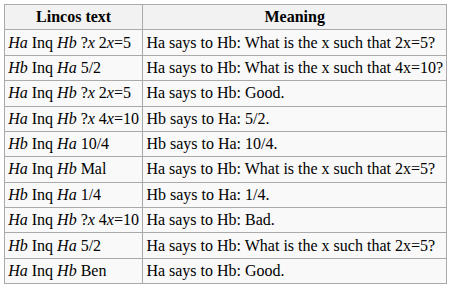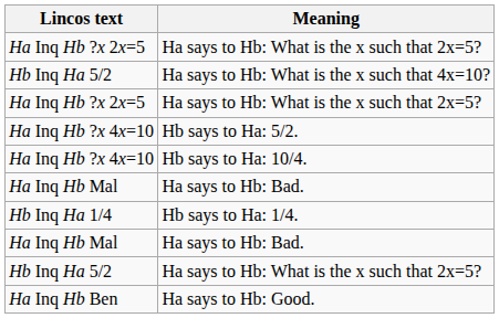 <table class="wikitable">
 <tr>
 <th>Lincos text</th>
 <th>Meaning</th>
 </tr>
 <tr>
 <td><em>Ha</em> Inq <em>Hb</em> ?<em>x</em> 2<em>x</em>=5</td>
 <td>Ha says to Hb: What is the x such that 2x=5?</td>
 </tr>
 <tr>
 <td><em>Hb</em> Inq <em>Ha</em> 5/2</td>
 <td>Ha says to Hb: What is the x such that 4x=10?</td>
 </tr>
 <tr>
 <td><em>Ha</em> Inq <em>Hb</em> ?<em>x</em> 2<em>x</em>=5</td>
-<td>Ha says to Hb: Good.</td>
+<td>Ha says to Hb: What is the x such that 2x=5?</td>
 </tr>
 <tr>
 <td><em>Ha</em> Inq <em>Hb</em> ?<em>x</em> 4<em>x</em>=10</td>
 <td>Hb says to Ha: 5/2.</td>
 </tr>
 <tr>
-<td><em>Hb</em> Inq <em>Ha</em> 10/4</td>
+<td><em>Ha</em> Inq <em>Hb</em> ?<em>x</em> 4<em>x</em>=10</td>
 <td>Hb says to Ha: 10/4.</td>
 </tr>
 <tr>
 <td><em>Ha</em> Inq <em>Hb</em> Mal</td>
-<td>Ha says to Hb: What is the x such that 2x=5?</td>
+<td>Ha says to Hb: Bad.</td>
 </tr>
 <tr>
 <td><em>Hb</em> Inq <em>Ha</em> 1/4</td>
 <td>Hb says to Ha: 1/4.</td>
 </tr>
 <tr>
-<td><em>Ha</em> Inq <em>Hb</em> ?<em>x</em> 4<em>x</em>=10</td>
+<td><em>Ha</em> Inq <em>Hb</em> Mal</td>
 <td>Ha says to Hb: Bad.</td>
 </tr>
 <tr>
 <td><em>Hb</em> Inq <em>Ha</em> 5/2</td>
 <td>Ha says to Hb: What is the x such that 2x=5?</td>
 </tr>
 <tr>
 <td><em>Ha</em> Inq <em>Hb</em> Ben</td>
 <td>Ha says to Hb: Good.</td>
 </tr>
 </table>
